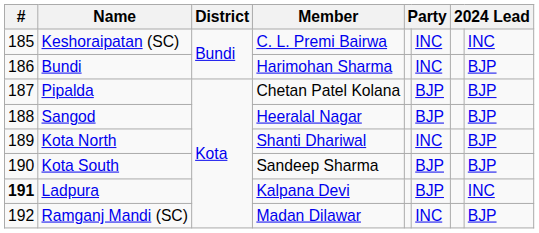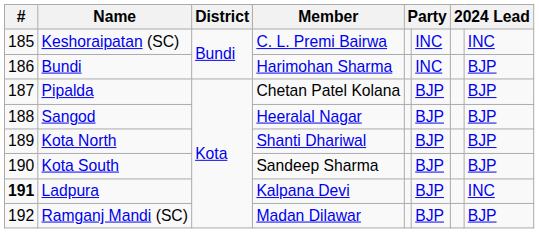 <table class="wikitable">
 <tr>
 <th>#</th>
 <th>Name</th>
 <th>District</th>
 <th>Member</th>
 <th colspan="2">Party</th>
 <th colspan="2">2024 Lead</th>
 </tr>
 <tr>
 <td>185</td>
 <td><a href='#'>Keshoraipatan</a> (SC)</td>
 <td rowspan="2"><a href='#'>Bundi</a></td>
 <td><a href='#'>C. L. Premi Bairwa</a></td>
 <td style="background-color: "></td>
 <td><a href='#'>INC</a></td>
 <td style="background-color: "></td>
 <td><a href='#'>INC</a></td>
 </tr>
 <tr>
 <td>186</td>
 <td><a href='#'>Bundi</a></td>
 <td><a href='#'>Harimohan Sharma</a></td>
 <td style="background-color: "></td>
 <td><a href='#'>INC</a></td>
 <td style="background-color: "></td>
 <td><a href='#'>BJP</a></td>
 </tr>
 <tr>
 <td>187</td>
 <td><a href='#'>Pipalda</a></td>
 <td rowspan="6"><a href='#'>Kota</a></td>
 <td>Chetan Patel Kolana</td>
 <td style="background-color: "></td>
 <td><a href='#'>BJP</a></td>
 <td style="background-color: "></td>
 <td><a href='#'>BJP</a></td>
 </tr>
 <tr>
 <td>188</td>
 <td><a href='#'>Sangod</a></td>
 <td><a href='#'>Heeralal Nagar</a></td>
 <td style="background-color: "></td>
 <td><a href='#'>BJP</a></td>
 <td style="background-color: "></td>
 <td><a href='#'>BJP</a></td>
 </tr>
 <tr>
 <td>189</td>
 <td><a href='#'>Kota North</a></td>
 <td><a href='#'>Shanti Dhariwal</a></td>
 <td style="background-color: "></td>
-<td><a href='#'>INC</a></td>
+<td><a href='#'>BJP</a></td>
 <td style="background-color: "></td>
 <td><a href='#'>BJP</a></td>
 </tr>
 <tr>
 <td>190</td>
 <td><a href='#'>Kota South</a></td>
 <td>Sandeep Sharma</td>
 <td style="background-color: "></td>
 <td><a href='#'>BJP</a></td>
 <td style="background-color: "></td>
 <td><a href='#'>BJP</a></td>
 </tr>
 <tr>
 <td><strong>191</strong></td>
 <td><a href='#'>Ladpura</a></td>
 <td><a href='#'>Kalpana Devi</a></td>
 <td style="background-color: "></td>
 <td><a href='#'>BJP</a></td>
 <td style="background-color: "></td>
 <td><a href='#'>INC</a></td>
 </tr>
 <tr>
 <td>192</td>
 <td><a href='#'>Ramganj Mandi</a> (SC)</td>
 <td><a href='#'>Madan Dilawar</a></td>
 <td style="background-color: "></td>
-<td><a href='#'>INC</a></td>
+<td><a href='#'>BJP</a></td>
 <td style="background-color: "></td>
 <td><a href='#'>BJP</a></td>
 </tr>
 </table>
